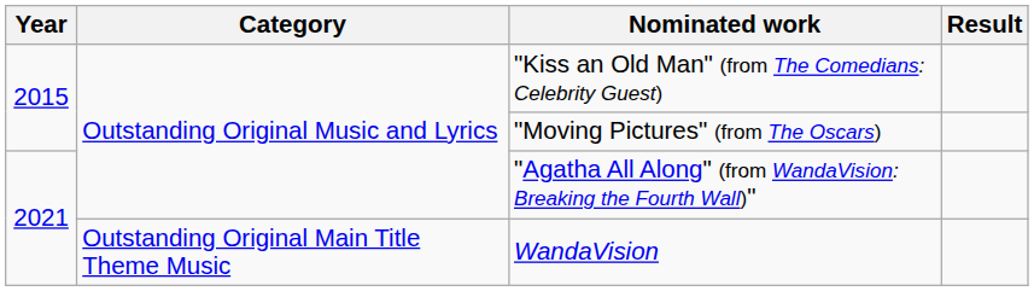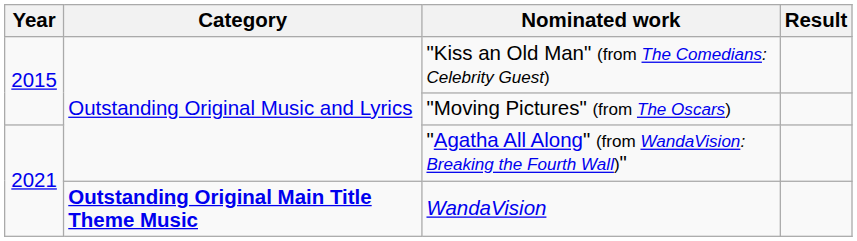 <table class="wikitable sortable" width = 75%>
 <tr>
 <th width=7%>Year</th>
 <th width=45%>Category</th>
 <th width=45%>Nominated work</th>
 <th width=8%>Result</th>
 </tr>
 <tr>
 <td rowspan="2" style="text-align:center;"><a href='#'>2015</a></td>
 <td rowspan="3"><a href='#'>Outstanding Original Music and Lyrics</a></td>
 <td>"Kiss an Old Man" <small>(from <em><a href='#'>The Comedians</a>: Celebrity Guest</em>)</small></td>
 <td></td>
 </tr>
 <tr>
 <td>"Moving Pictures" <small>(from <em><a href='#'>The Oscars</a></em>)</small></td>
 <td></td>
 </tr>
 <tr>
 <td rowspan="2" style="text-align:center;"><a href='#'>2021</a></td>
 <td>"<a href='#'>Agatha All Along</a>" <small>(from <em><a href='#'>WandaVision</a>: <a href='#'>Breaking the Fourth Wall</a></em>)</small>"</td>
 <td></td>
 </tr>
 <tr>
-<td><a href='#'>Outstanding Original Main Title Theme Music</a></td>
+<td><strong><a href='#'>Outstanding Original Main Title Theme Music</a></strong></td>
 <td><em><a href='#'>WandaVision</a></em></td>
 <td></td>
 </tr>
 </table>
